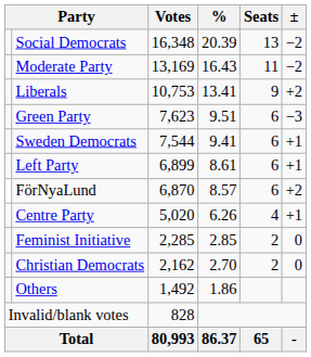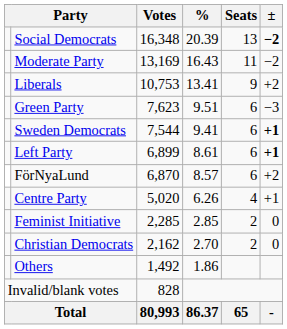 <table class=wikitable style=text-align:right>
 <tr>
 <th colspan=2>Party</th>
 <th>Votes</th>
 <th>%</th>
 <th>Seats</th>
 <th>±</th>
 </tr>
 <tr>
 <td bgcolor=></td>
 <td align=left><a href='#'>Social Democrats</a></td>
 <td>16,348</td>
 <td>20.39</td>
 <td>13</td>
-<td>−2</td>
+<td><strong>−2</strong></td>
 </tr>
 <tr>
 <td bgcolor=></td>
 <td align=left><a href='#'>Moderate Party</a></td>
 <td>13,169</td>
 <td>16.43</td>
 <td>11</td>
 <td>−2</td>
 </tr>
 <tr>
 <td bgcolor=></td>
 <td align=left><a href='#'>Liberals</a></td>
 <td>10,753</td>
 <td>13.41</td>
 <td>9</td>
 <td>+2</td>
 </tr>
 <tr>
 <td bgcolor=></td>
 <td align=left><a href='#'>Green Party</a></td>
 <td>7,623</td>
 <td>9.51</td>
 <td>6</td>
 <td>−3</td>
 </tr>
 <tr>
 <td bgcolor=></td>
 <td align=left><a href='#'>Sweden Democrats</a></td>
 <td>7,544</td>
 <td>9.41</td>
 <td>6</td>
-<td>+1</td>
+<td><strong>+1</strong></td>
 </tr>
 <tr>
 <td bgcolor=></td>
 <td align=left><a href='#'>Left Party</a></td>
 <td>6,899</td>
 <td>8.61</td>
 <td>6</td>
-<td>+1</td>
+<td><strong>+1</strong></td>
 </tr>
 <tr>
 <td bgcolor=white></td>
 <td align=left>FörNyaLund</td>
 <td>6,870</td>
 <td>8.57</td>
 <td>6</td>
 <td>+2</td>
 </tr>
 <tr>
 <td bgcolor=></td>
 <td align=left><a href='#'>Centre Party</a></td>
 <td>5,020</td>
 <td>6.26</td>
 <td>4</td>
 <td>+1</td>
 </tr>
 <tr>
 <td bgcolor=></td>
 <td align=left><a href='#'>Feminist Initiative</a></td>
 <td>2,285</td>
 <td>2.85</td>
 <td>2</td>
 <td>0</td>
 </tr>
 <tr>
 <td bgcolor=></td>
 <td align=left><a href='#'>Christian Democrats</a></td>
 <td>2,162</td>
 <td>2.70</td>
 <td>2</td>
 <td>0</td>
 </tr>
 <tr>
 <td></td>
 <td align=left><a href='#'>Others</a></td>
 <td>1,492</td>
 <td>1.86</td>
 <td></td>
 <td></td>
 </tr>
 <tr>
 <td align=left colspan=2>Invalid/blank votes</td>
 <td>828</td>
 <td colspan=3></td>
 </tr>
 <tr>
 <th align=left colspan=2>Total</th>
 <th>80,993</th>
 <th>86.37</th>
 <th>65</th>
 <th>-</th>
 </tr>
 </table>
